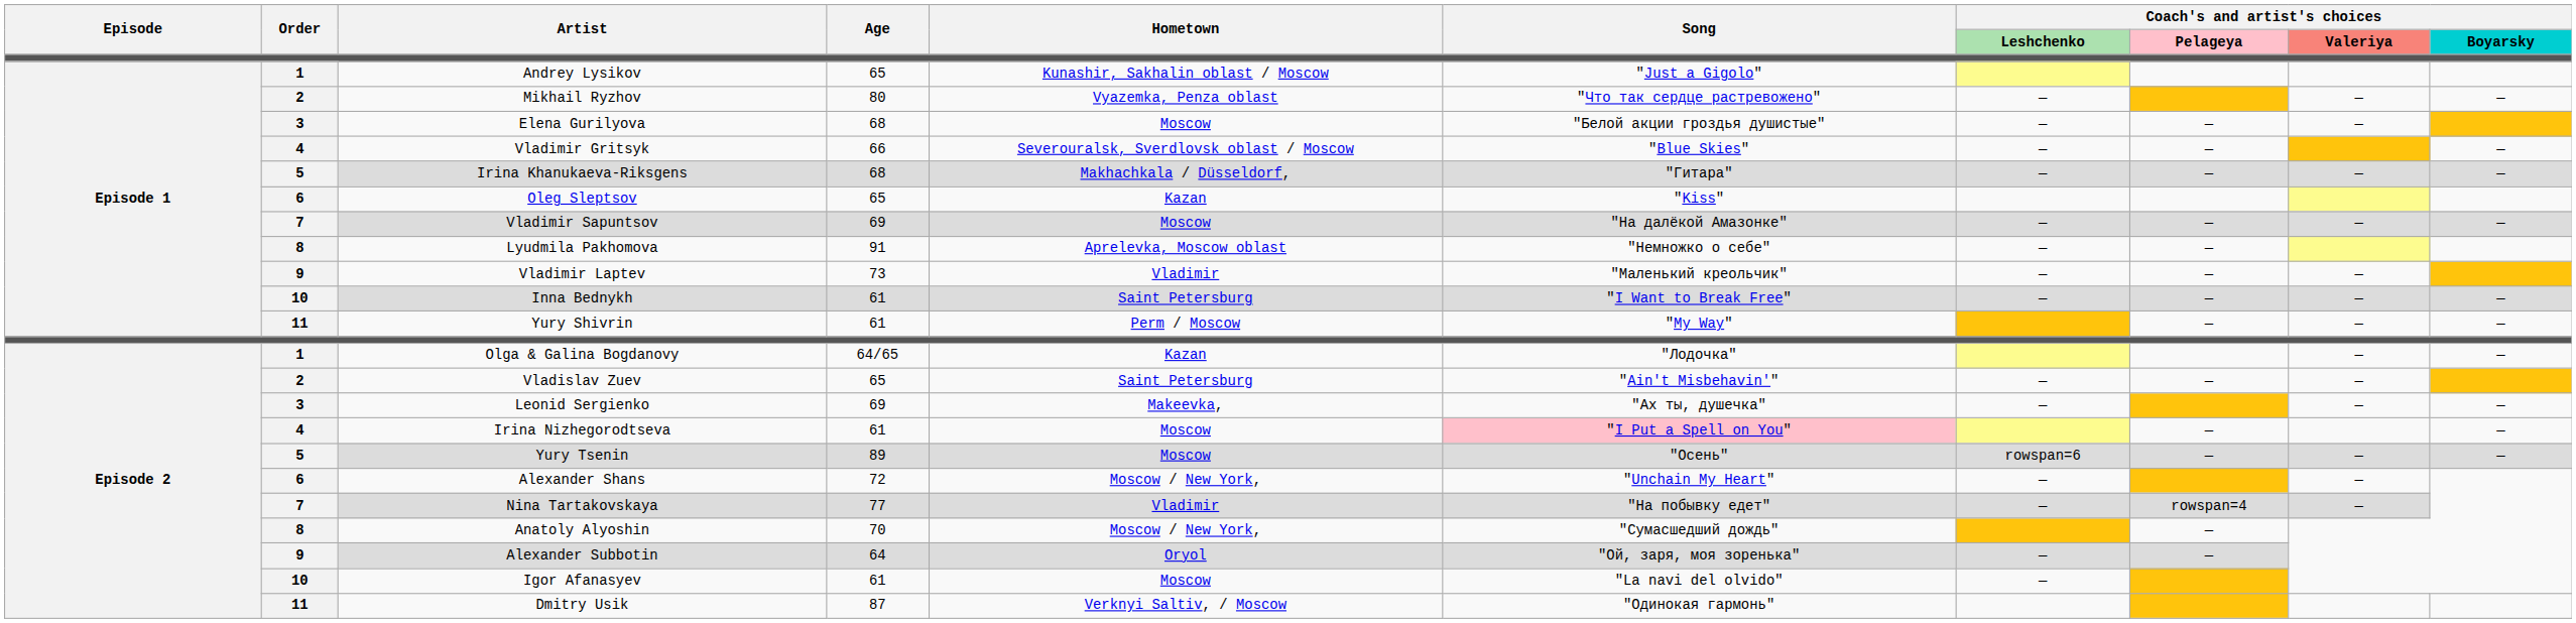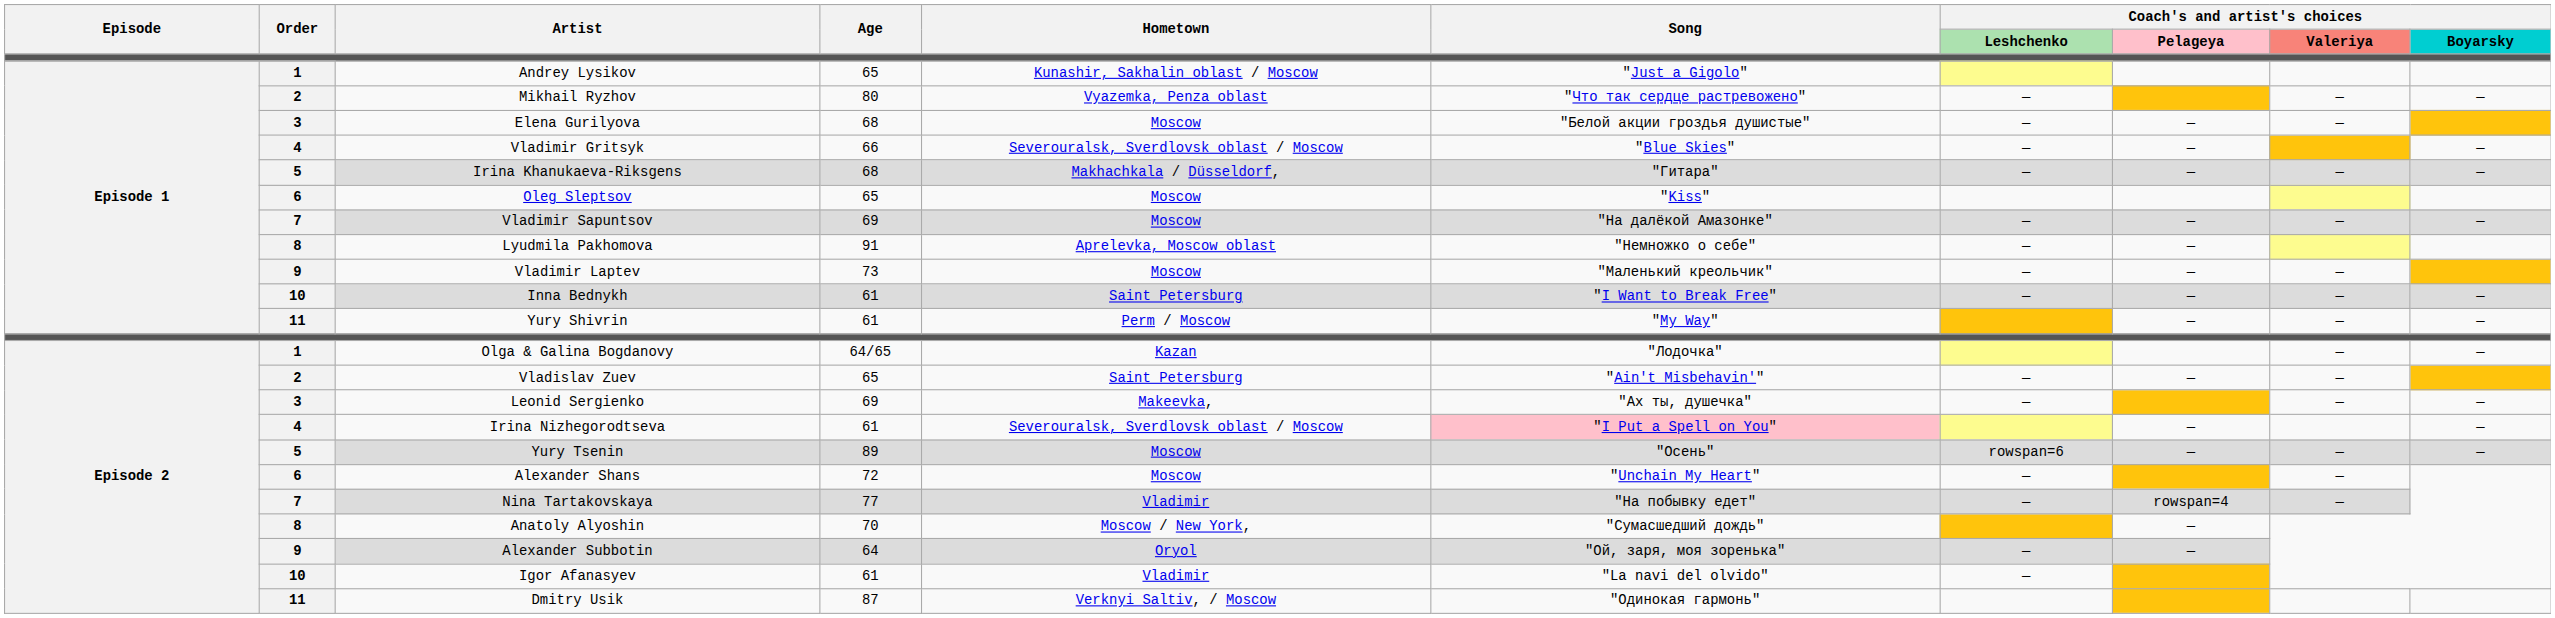 <table class="wikitable" style="text-align:center; line-height:17px; width:120%">
 <tr>
 <th rowspan="2" scope="col" style="width:10%">Episode</th>
 <th rowspan="2" scope="col" style="width:03%">Order</th>
 <th rowspan="2" scope="col" style="width:19%">Artist</th>
 <th rowspan="2" scope="col" style="width:04%">Age</th>
 <th rowspan="2" scope="col" style="width:20%">Hometown</th>
 <th rowspan="2" scope="col" style="width:20%">Song</th>
 <th colspan="4" scope="col" style="width:24%">Coach's and artist's choices</th>
 </tr>
 <tr>
 <th style="background:#ace1af">Leshchenko</th>
 <th style="background:pink">Pelageya</th>
 <th style="background:#f88379">Valeriya</th>
 <th style="background:#00ced1">Boyarsky</th>
 </tr>
 <tr>
 <td colspan="10" style="background:#555"></td>
 </tr>
 <tr>
 <th rowspan="11"><strong>Episode 1</strong><br></th>
 <th>1</th>
 <td>Andrey Lysikov</td>
 <td>65</td>
 <td><a href='#'>Kunashir, Sakhalin oblast</a> / <a href='#'>Moscow</a></td>
 <td>"<a href='#'>Just a Gigolo</a>"</td>
 <td style="background:#fdfc8f;"><strong></strong></td>
 <td><strong></strong></td>
 <td><strong></strong></td>
 <td><strong></strong></td>
 </tr>
 <tr>
 <th>2</th>
 <td>Mikhail Ryzhov</td>
 <td>80</td>
 <td><a href='#'>Vyazemka, Penza oblast</a></td>
 <td>"<a href='#'>Что так сердце растревожено</a>"</td>
 <td>—</td>
 <td style="background:#FFC40C;"><strong></strong></td>
 <td>—</td>
 <td>—</td>
 </tr>
 <tr>
 <th>3</th>
 <td>Elena Gurilyova</td>
 <td>68</td>
 <td><a href='#'>Moscow</a></td>
 <td>"Белой акции гроздья душистые"</td>
 <td>—</td>
 <td>—</td>
 <td>—</td>
 <td style="background:#FFC40C;"><strong></strong></td>
 </tr>
 <tr>
 <th>4</th>
 <td>Vladimir Gritsyk</td>
 <td>66</td>
 <td><a href='#'>Severouralsk, Sverdlovsk oblast</a> / <a href='#'>Moscow</a></td>
 <td>"<a href='#'>Blue Skies</a>"</td>
 <td>—</td>
 <td>—</td>
 <td style="background:#FFC40C;"><strong></strong></td>
 <td>—</td>
 </tr>
 <tr style="background:#DCDCDC;"|>
 <th>5</th>
 <td>Irina Khanukaeva-Riksgens</td>
 <td>68</td>
 <td><a href='#'>Makhachkala</a> / <a href='#'>Düsseldorf</a>, </td>
 <td>"Гитара"</td>
 <td>—</td>
 <td>—</td>
 <td>—</td>
 <td>—</td>
 </tr>
 <tr>
 <th>6</th>
 <td><a href='#'>Oleg Sleptsov</a></td>
 <td>65</td>
-<td><a href='#'>Kazan</a></td>
+<td><a href='#'>Moscow</a></td>
 <td>"<a href='#'>Kiss</a>"</td>
 <td><strong></strong></td>
 <td><strong></strong></td>
 <td style="background:#fdfc8f;"><strong></strong></td>
 <td><strong></strong></td>
 </tr>
 <tr style="background:#DCDCDC;"|>
 <th>7</th>
 <td>Vladimir Sapuntsov</td>
 <td>69</td>
 <td><a href='#'>Moscow</a></td>
 <td>"На далёкой Амазонке"</td>
 <td>—</td>
 <td>—</td>
 <td>—</td>
 <td>—</td>
 </tr>
 <tr>
 <th>8</th>
 <td>Lyudmila Pakhomova</td>
 <td>91</td>
 <td><a href='#'>Aprelevka, Moscow oblast</a></td>
 <td>"Немножко о себе"</td>
 <td>—</td>
 <td>—</td>
 <td style="background:#fdfc8f;"><strong></strong></td>
 <td><strong></strong></td>
 </tr>
 <tr>
 <th>9</th>
 <td>Vladimir Laptev</td>
 <td>73</td>
-<td><a href='#'>Vladimir</a></td>
+<td><a href='#'>Moscow</a></td>
 <td>"Маленький креольчик"</td>
 <td>—</td>
 <td>—</td>
 <td>—</td>
 <td style="background:#FFC40C;"><strong></strong></td>
 </tr>
 <tr style="background:#DCDCDC;"|>
 <th>10</th>
 <td>Inna Bednykh</td>
 <td>61</td>
 <td><a href='#'>Saint Petersburg</a></td>
 <td>"<a href='#'>I Want to Break Free</a>"</td>
 <td>—</td>
 <td>—</td>
 <td>—</td>
 <td>—</td>
 </tr>
 <tr>
 <th>11</th>
 <td>Yury Shivrin</td>
 <td>61</td>
 <td><a href='#'>Perm</a> / <a href='#'>Moscow</a></td>
 <td>"<a href='#'>My Way</a>"</td>
 <td style="background:#FFC40C;"><strong></strong></td>
 <td>—</td>
 <td>—</td>
 <td>—</td>
 </tr>
 <tr>
 <td colspan="10" style="background:#555"></td>
 </tr>
 <tr>
 <th rowspan="11"><strong>Episode 2</strong><br></th>
 <th>1</th>
 <td>Olga & Galina Bogdanovy</td>
 <td>64/65</td>
 <td><a href='#'>Kazan</a></td>
 <td>"Лодочка"</td>
 <td style="background:#fdfc8f;"><strong></strong></td>
 <td><strong></strong></td>
 <td>—</td>
 <td>—</td>
 </tr>
 <tr>
 <th>2</th>
 <td>Vladislav Zuev</td>
 <td>65</td>
 <td><a href='#'>Saint Petersburg</a></td>
 <td>"<a href='#'>Ain't Misbehavin'</a>"</td>
 <td>—</td>
 <td>—</td>
 <td>—</td>
 <td style="background:#ffc40c;"><strong></strong></td>
 </tr>
 <tr>
 <th>3</th>
 <td>Leonid Sergienko</td>
 <td>69</td>
 <td><a href='#'>Makeevka</a>, </td>
 <td>"Ах ты, душечка"</td>
 <td>—</td>
 <td style="background:#ffc40c;"><strong></strong></td>
 <td>—</td>
 <td>—</td>
 </tr>
 <tr>
 <th>4</th>
 <td>Irina Nizhegorodtseva</td>
 <td>61</td>
-<td><a href='#'>Moscow</a></td>
+<td><a href='#'>Severouralsk, Sverdlovsk oblast</a> / <a href='#'>Moscow</a></td>
 <td style="background: pink;">"<a href='#'>I Put a Spell on You</a>"</td>
 <td style="background:#fdfc8f;"><strong></strong></td>
 <td>—</td>
 <td><strong></strong></td>
 <td>—</td>
 </tr>
 <tr style="background:#DCDCDC;"|>
 <th>5</th>
 <td>Yury Tsenin</td>
 <td>89</td>
 <td><a href='#'>Moscow</a></td>
 <td>"Осень"</td>
 <td>rowspan=6 </td>
 <td>—</td>
 <td>—</td>
 <td>—</td>
 </tr>
 <tr>
 <th>6</th>
 <td>Alexander Shans</td>
 <td>72</td>
-<td><a href='#'>Moscow</a> / <a href='#'>New York</a>, </td>
+<td><a href='#'>Moscow</a></td>
 <td>"<a href='#'>Unchain My Heart</a>"</td>
 <td>—</td>
 <td style="background:#ffc40c;"><strong></strong></td>
 <td>—</td>
 </tr>
 <tr style="background:#DCDCDC;"|>
 <th>7</th>
 <td>Nina Tartakovskaya</td>
 <td>77</td>
 <td><a href='#'>Vladimir</a></td>
 <td>"На побывку едет"</td>
 <td>—</td>
 <td>rowspan=4 </td>
 <td>—</td>
 </tr>
 <tr>
 <th>8</th>
 <td>Anatoly Alyoshin</td>
 <td>70</td>
 <td><a href='#'>Moscow</a> / <a href='#'>New York</a>, </td>
 <td>"Сумасшедший дождь"</td>
 <td style="background:#ffc40c;"><strong></strong></td>
 <td>—</td>
 </tr>
 <tr style="background:#DCDCDC;"|>
 <th>9</th>
 <td>Alexander Subbotin</td>
 <td>64</td>
 <td><a href='#'>Oryol</a></td>
 <td>"Ой, заря, моя зоренька"</td>
 <td>—</td>
 <td>—</td>
 </tr>
 <tr>
 <th>10</th>
 <td>Igor Afanasyev</td>
 <td>61</td>
-<td><a href='#'>Moscow</a></td>
+<td><a href='#'>Vladimir</a></td>
 <td>"La navi del olvido"</td>
 <td>—</td>
 <td style="background:#ffc40c;"><strong></strong></td>
 </tr>
 <tr>
 <th>11</th>
 <td>Dmitry Usik</td>
 <td>87</td>
 <td><a href='#'>Verknyi Saltiv</a>,  / <a href='#'>Moscow</a></td>
 <td>"Одинокая гармонь"</td>
 <td><strong></strong></td>
 <td style="background:#ffc40c;"><strong></strong></td>
 <td><strong></strong></td>
 <td><strong></strong></td>
 </tr>
 </table>
